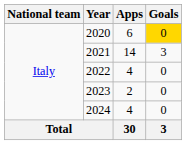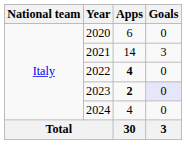 <table class="wikitable" style="text-align:center">
 <tr>
 <th>National team</th>
 <th>Year</th>
 <th>Apps</th>
 <th>Goals</th>
 </tr>
 <tr>
 <td rowspan="5"><a href='#'>Italy</a></td>
 <td>2020</td>
 <td>6</td>
-<td style="background: gold;">0</td>
+<td>0</td>
 </tr>
 <tr>
 <td>2021</td>
 <td>14</td>
 <td>3</td>
 </tr>
 <tr>
 <td>2022</td>
-<td>4</td>
+<td><strong>4</strong></td>
 <td>0</td>
 </tr>
 <tr>
 <td>2023</td>
-<td>2</td>
-<td>0</td>
+<td><strong>2</strong></td>
+<td style="background: lavender;">0</td>
 </tr>
 <tr>
 <td>2024</td>
 <td>4</td>
 <td>0</td>
 </tr>
 <tr>
 <th colspan="2">Total</th>
 <th>30</th>
 <th>3</th>
 </tr>
 </table>
